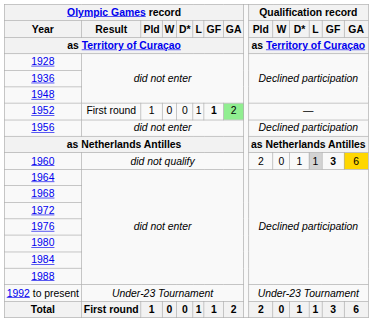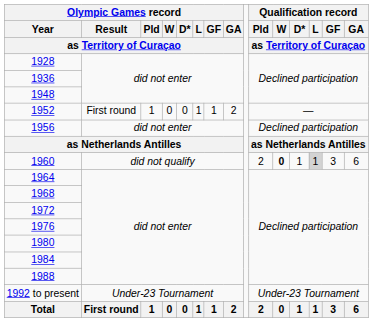 <table class="wikitable" style="text-align: center;">
 <tr>
 <th colspan=8><a href='#'>Olympic Games</a> record</th>
 <td rowspan=20></td>
 <th colspan=6>Qualification record</th>
 </tr>
 <tr>
 <th>Year</th>
 <th>Result</th>
 <th>Pld</th>
 <th>W</th>
 <th>D*</th>
 <th>L</th>
 <th>GF</th>
 <th>GA</th>
 <th>Pld</th>
 <th>W</th>
 <th>D*</th>
 <th>L</th>
 <th>GF</th>
 <th>GA</th>
 </tr>
 <tr>
 <th colspan=8>as  <a href='#'>Territory of Curaçao</a></th>
 <th colspan=6>as  <a href='#'>Territory of Curaçao</a></th>
 </tr>
 <tr>
 <td> <a href='#'>1928</a></td>
 <td colspan=7 rowspan=3><em>did not enter</em></td>
 <td colspan=6 rowspan=3><em>Declined participation</em></td>
 </tr>
 <tr>
 <td> <a href='#'>1936</a></td>
 </tr>
 <tr>
 <td> <a href='#'>1948</a></td>
 </tr>
 <tr>
 <td> <a href='#'>1952</a></td>
 <td>First round</td>
 <td>1</td>
 <td>0</td>
 <td>0</td>
 <td>1</td>
-<td><strong>1</strong></td>
-<td style="background: lightgreen;">2</td>
+<td>1</td>
+<td>2</td>
 <td colspan=6>—</td>
 </tr>
 <tr>
 <td> <a href='#'>1956</a></td>
 <td colspan=7><em>did not enter</em></td>
 <td colspan=6><em>Declined participation</em></td>
 </tr>
 <tr>
 <th colspan=8>as  Netherlands Antilles</th>
 <th colspan=6>as  Netherlands Antilles</th>
 </tr>
 <tr>
 <td> <a href='#'>1960</a></td>
 <td colspan=7><em>did not qualify</em></td>
 <td>2</td>
-<td>0</td>
+<td><strong>0</strong></td>
 <td>1</td>
 <td style="background: lightgrey;">1</td>
-<td><strong>3</strong></td>
-<td style="background: gold;">6</td>
+<td>3</td>
+<td>6</td>
 </tr>
 <tr>
 <td> <a href='#'>1964</a></td>
 <td colspan=7 rowspan=7><em>did not enter</em></td>
 <td colspan=6 rowspan=7><em>Declined participation</em></td>
 </tr>
 <tr>
 <td> <a href='#'>1968</a></td>
 </tr>
 <tr>
 <td> <a href='#'>1972</a></td>
 </tr>
 <tr>
 <td> <a href='#'>1976</a></td>
 </tr>
 <tr>
 <td> <a href='#'>1980</a></td>
 </tr>
 <tr>
 <td> <a href='#'>1984</a></td>
 </tr>
 <tr>
 <td> <a href='#'>1988</a></td>
 </tr>
 <tr>
 <td><a href='#'>1992</a> to present</td>
 <td colspan=7><em>Under-23 Tournament</em></td>
 <td colspan=6><em>Under-23 Tournament</em></td>
 </tr>
 <tr>
 <th>Total</th>
 <th>First round</th>
 <th>1</th>
 <th>0</th>
 <th>0</th>
 <th>1</th>
 <th>1</th>
 <th>2</th>
 <th>2</th>
 <th>0</th>
 <th>1</th>
 <th>1</th>
 <th>3</th>
 <th>6</th>
 </tr>
 </table>
